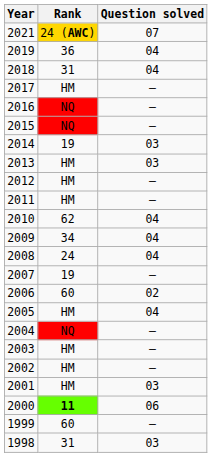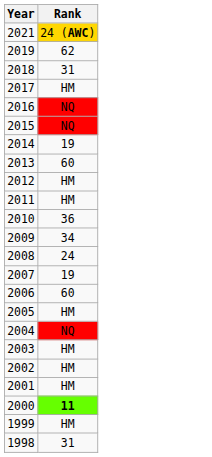 <table class=wikitable>
 <tr>
 <th>Year</th>
 <th>Rank</th>
-<th>Question solved</th>
 </tr>
 <tr>
 <td>2021</td>
 <td style="text-align:center; background:gold;">24 (<strong>AWC</strong>)</td>
-<td style="text-align:center">07</td>
 </tr>
 <tr>
 <td>2019</td>
-<td style="text-align:center">36</td>
-<td style="text-align:center">04</td>
+<td style="text-align:center">62</td>
 </tr>
 <tr>
 <td>2018</td>
 <td style="text-align:center">31</td>
-<td style="text-align:center">04</td>
 </tr>
 <tr>
 <td>2017</td>
 <td style="text-align:center">HM</td>
-<td style="text-align:center">–</td>
 </tr>
 <tr>
 <td>2016</td>
 <td style="text-align:center; background:red;">NQ</td>
-<td style="text-align:center">–</td>
 </tr>
 <tr>
 <td>2015</td>
 <td style="text-align:center; background:red;">NQ</td>
-<td style="text-align:center">–</td>
 </tr>
 <tr>
 <td>2014</td>
 <td style="text-align:center">19</td>
-<td style="text-align:center">03</td>
 </tr>
 <tr>
 <td>2013</td>
-<td style="text-align:center">HM</td>
-<td style="text-align:center">03</td>
+<td style="text-align:center">60</td>
 </tr>
 <tr>
 <td>2012</td>
 <td style="text-align:center">HM</td>
-<td style="text-align:center">–</td>
 </tr>
 <tr>
 <td>2011</td>
 <td style="text-align:center">HM</td>
-<td style="text-align:center">–</td>
 </tr>
 <tr>
 <td>2010</td>
-<td style="text-align:center">62</td>
-<td style="text-align:center">04</td>
+<td style="text-align:center">36</td>
 </tr>
 <tr>
 <td>2009</td>
 <td style="text-align:center">34</td>
-<td style="text-align:center">04</td>
 </tr>
 <tr>
 <td>2008</td>
 <td style="text-align:center">24</td>
-<td style="text-align:center">04</td>
 </tr>
 <tr>
 <td>2007</td>
 <td style="text-align:center">19</td>
-<td style="text-align:center">–</td>
 </tr>
 <tr>
 <td>2006</td>
 <td style="text-align:center">60</td>
-<td style="text-align:center">02</td>
 </tr>
 <tr>
 <td>2005</td>
 <td style="text-align:center">HM</td>
-<td style="text-align:center">04</td>
 </tr>
 <tr>
 <td>2004</td>
 <td style="text-align:center; background:red;">NQ</td>
-<td style="text-align:center">–</td>
 </tr>
 <tr>
 <td>2003</td>
 <td style="text-align:center">HM</td>
-<td style="text-align:center">–</td>
 </tr>
 <tr>
 <td>2002</td>
 <td style="text-align:center">HM</td>
-<td style="text-align:center">–</td>
 </tr>
 <tr>
 <td>2001</td>
 <td style="text-align:center">HM</td>
-<td style="text-align:center">03</td>
 </tr>
 <tr>
 <td>2000</td>
 <td style="text-align:center; background:#66FF00;"><strong>11</strong></td>
-<td style="text-align:center">06</td>
 </tr>
 <tr>
 <td>1999</td>
-<td style="text-align:center">60</td>
-<td style="text-align:center">–</td>
+<td style="text-align:center">HM</td>
 </tr>
 <tr>
 <td>1998</td>
 <td style="text-align:center">31</td>
-<td style="text-align:center">03</td>
 </tr>
 </table>
